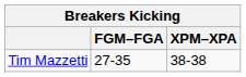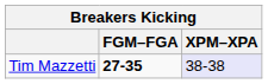 <table class="wikitable">
 <tr>
 <th colspan="8">Breakers Kicking</th>
 </tr>
 <tr>
 <th></th>
 <th>FGM–FGA</th>
 <th>XPM–XPA</th>
 </tr>
 <tr>
 <td><a href='#'>Tim Mazzetti</a></td>
-<td>27-35</td>
-<td>38-38</td>
+<td><strong>27-35</strong></td>
+<td style="background: lavender;">38-38</td>
 </tr>
 </table>
